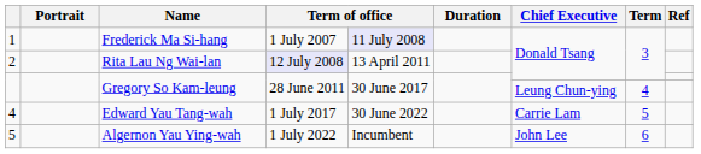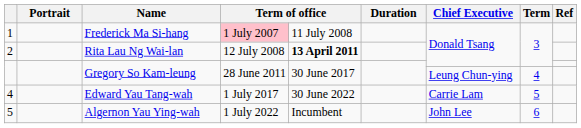 <table class="wikitable"  style="text-align:left">
 <tr>
 <th width=10px></th>
 <th width=80px>Portrait</th>
 <th width=180px>Name</th>
 <th width=180px colspan=2>Term of office</th>
 <th width=80px>Duration</th>
 <th width=120px><a href='#'>Chief Executive</a></th>
 <th>Term</th>
 <th>Ref</th>
 </tr>
 <tr>
 <td bgcolor=>1</td>
 <td></td>
 <td><a href='#'>Frederick Ma Si-hang</a><br></td>
-<td>1 July 2007</td>
-<td style="background: lavender;">11 July 2008</td>
+<td style="background: pink;">1 July 2007</td>
+<td>11 July 2008</td>
 <td></td>
 <td rowspan=3><a href='#'>Donald Tsang</a><br></td>
 <td rowspan=3 align=center><a href='#'>3</a></td>
 <td></td>
 </tr>
 <tr>
 <td bgcolor=>2</td>
 <td></td>
 <td><a href='#'>Rita Lau Ng Wai-lan</a><br></td>
-<td style="background: lavender;">12 July 2008</td>
-<td>13 April 2011</td>
+<td>12 July 2008</td>
+<td><strong>13 April 2011</strong></td>
 <td></td>
 <td></td>
 </tr>
 <tr>
 <td rowspan=2 bgcolor=></td>
 <td rowspan=2></td>
 <td rowspan=2><a href='#'>Gregory So Kam-leung</a><br></td>
 <td rowspan=2>28 June 2011</td>
 <td rowspan=2>30 June 2017</td>
 <td rowspan=2></td>
 <td></td>
 </tr>
 <tr>
 <td><a href='#'>Leung Chun-ying</a><br></td>
 <td align=center><a href='#'>4</a></td>
 <td></td>
 </tr>
 <tr>
 <td bgcolor=>4</td>
 <td></td>
 <td><a href='#'>Edward Yau Tang-wah</a><br></td>
 <td>1 July 2017</td>
 <td>30 June 2022</td>
 <td></td>
 <td><a href='#'>Carrie Lam</a><br></td>
 <td align=center><a href='#'>5</a></td>
 <td></td>
 </tr>
 <tr>
 <td bgcolor=>5</td>
 <td></td>
 <td><a href='#'>Algernon Yau Ying-wah</a><br></td>
 <td>1 July 2022</td>
 <td>Incumbent</td>
 <td></td>
 <td><a href='#'>John Lee</a><br></td>
 <td align=center><a href='#'>6</a></td>
 <td></td>
 </tr>
 </table>
